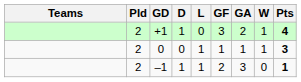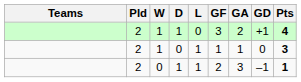 <table class="wikitable" style="text-align: center;">
 <tr>
 <th width=165>Teams</th>
 <th width=20>Pld</th>
-<th width=20>GD</th>
+<th width=20>W</th>
 <th width=20>D</th>
 <th width=20>L</th>
 <th width=20>GF</th>
 <th width=20>GA</th>
-<th width=20>W</th>
+<th width=20>GD</th>
 <th width=20>Pts</th>
 </tr>
 <tr align=center style="background:#ccffcc;">
 <td style="text-align:left;"></td>
 <td>2</td>
-<td>+1</td>
+<td>1</td>
 <td>1</td>
 <td>0</td>
 <td>3</td>
 <td>2</td>
-<td>1</td>
+<td>+1</td>
 <td><strong>4</strong></td>
 </tr>
 <tr align=center>
 <td style="text-align:left;"></td>
 <td>2</td>
-<td>0</td>
+<td>1</td>
 <td>0</td>
 <td>1</td>
 <td>1</td>
 <td>1</td>
-<td>1</td>
+<td>0</td>
 <td><strong>3</strong></td>
 </tr>
 <tr align=center>
 <td style="text-align:left;"></td>
 <td>2</td>
-<td>–1</td>
+<td>0</td>
 <td>1</td>
 <td>1</td>
 <td>2</td>
 <td>3</td>
-<td>0</td>
+<td>–1</td>
 <td><strong>1</strong></td>
 </tr>
 </table>
